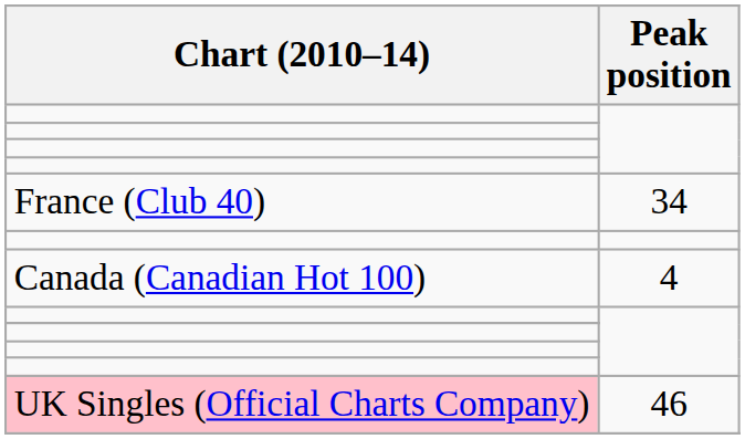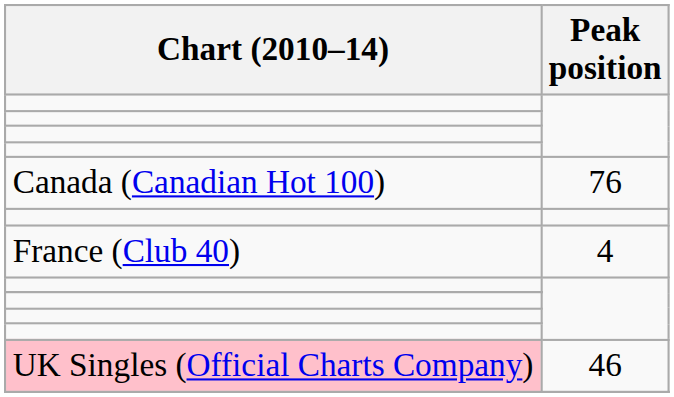 <table class="wikitable sortable">
 <tr>
 <th>Chart (2010–14)</th>
 <th>Peak<br>position</th>
 </tr>
 <tr>
 <td></td>
 </tr>
 <tr>
 <td></td>
 </tr>
 <tr>
 <td></td>
 </tr>
 <tr>
 <td></td>
 </tr>
 <tr>
-<td>France (<a href='#'>Club 40</a>)</td>
-<td align="center">34</td>
+<td>Canada (<a href='#'>Canadian Hot 100</a>)</td>
+<td align="center">76</td>
 </tr>
 <tr>
 <td></td>
 </tr>
 <tr>
-<td>Canada (<a href='#'>Canadian Hot 100</a>)</td>
+<td>France (<a href='#'>Club 40</a>)</td>
 <td align="center">4</td>
 </tr>
 <tr>
 <td></td>
 </tr>
 <tr>
 </tr>
 <tr>
 <td></td>
 </tr>
 <tr>
 <td></td>
 </tr>
 <tr>
 <td></td>
 </tr>
 <tr>
 <td align="left" style="background: pink;">UK Singles (<a href='#'>Official Charts Company</a>)</td>
 <td align="center">46</td>
 </tr>
 <tr>
 </tr>
 <tr>
 </tr>
 <tr>
 </tr>
 <tr>
 </tr>
 </table>
